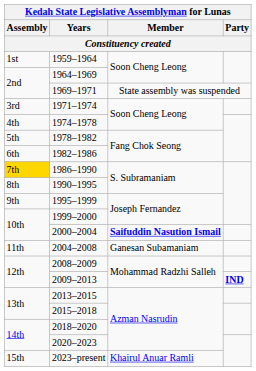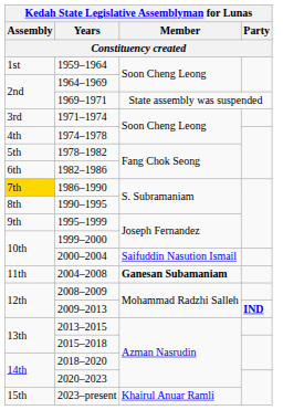 <table class="wikitable">
 <tr>
 <th colspan="4"><a href='#'>Kedah State Legislative Assemblyman</a> for Lunas</th>
 </tr>
 <tr>
 <th>Assembly</th>
 <th>Years</th>
 <th>Member</th>
 <th>Party</th>
 </tr>
 <tr>
 <th colspan="4" align="center"><em>Constituency created</em></th>
 </tr>
 <tr>
 <td>1st</td>
 <td>1959–1964</td>
 <td rowspan="2">Soon Cheng Leong</td>
 <td rowspan="2"></td>
 </tr>
 <tr>
 <td rowspan="2">2nd</td>
 <td>1964–1969</td>
 </tr>
 <tr>
 <td>1969–1971</td>
 <td colspan="2" align="center">State assembly was suspended</td>
 </tr>
 <tr>
 <td>3rd</td>
 <td>1971–1974</td>
 <td rowspan="2">Soon Cheng Leong</td>
 <td></td>
 </tr>
 <tr>
 <td>4th</td>
 <td>1974–1978</td>
 <td rowspan="3"></td>
 </tr>
 <tr>
 <td>5th</td>
 <td>1978–1982</td>
 <td rowspan="2">Fang Chok Seong</td>
 </tr>
 <tr>
 <td>6th</td>
 <td>1982–1986</td>
 </tr>
 <tr>
 <td style="background: gold;">7th</td>
 <td>1986–1990</td>
 <td rowspan="2">S. Subramaniam</td>
 <td rowspan="4"></td>
 </tr>
 <tr>
 <td>8th</td>
 <td>1990–1995</td>
 </tr>
 <tr>
 <td>9th</td>
 <td>1995–1999</td>
 <td rowspan="2">Joseph Fernandez</td>
 </tr>
 <tr>
 <td rowspan="2">10th</td>
 <td>1999–2000</td>
 </tr>
 <tr>
 <td>2000–2004</td>
-<td><strong><a href='#'>Saifuddin Nasution Ismail</a></strong></td>
+<td><a href='#'>Saifuddin Nasution Ismail</a></td>
 <td></td>
 </tr>
 <tr>
 <td>11th</td>
 <td>2004–2008</td>
-<td>Ganesan Subamaniam</td>
+<td><strong>Ganesan Subamaniam</strong></td>
 <td></td>
 </tr>
 <tr>
 <td rowspan="2">12th</td>
 <td>2008–2009</td>
 <td rowspan="2">Mohammad Radzhi Salleh</td>
 <td></td>
 </tr>
 <tr>
 <td>2009–2013</td>
 <td><strong><a href='#'>IND</a></strong></td>
 </tr>
 <tr>
 <td rowspan=2>13th</td>
 <td>2013–2015</td>
 <td rowspan=4><a href='#'>Azman Nasrudin</a></td>
 <td></td>
 </tr>
 <tr>
 <td>2015–2018</td>
 <td rowspan=2></td>
 </tr>
 <tr>
 <td rowspan="2"><a href='#'>14th</a></td>
 <td>2018–2020</td>
 </tr>
 <tr>
 <td>2020–2023</td>
 <td rowspan="2"></td>
 </tr>
 <tr>
 <td>15th</td>
 <td>2023–present</td>
 <td><a href='#'>Khairul Anuar Ramli</a></td>
 </tr>
 </table>
